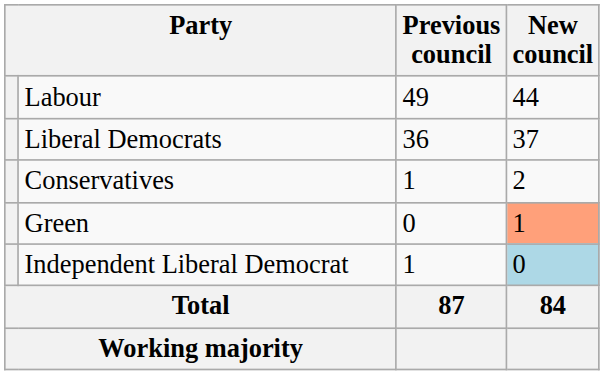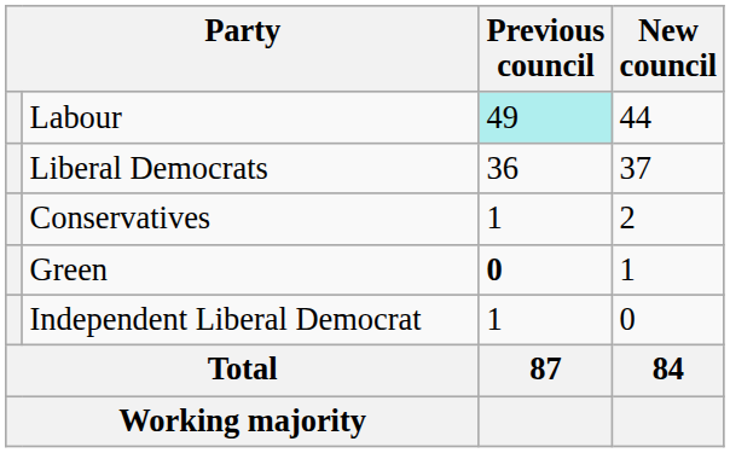 <table class="wikitable">
 <tr>
 <th valign=top colspan="2" style="width: 230px">Party</th>
 <th valign=top style="width: 30px">Previous council</th>
 <th valign=top style="width: 30px">New council</th>
 </tr>
 <tr>
 <th style="background-color: "></th>
 <td>Labour</td>
-<td>49</td>
+<td style="background: paleturquoise;">49</td>
 <td>44</td>
 </tr>
 <tr>
 <th style="background-color: "></th>
 <td>Liberal Democrats</td>
 <td>36</td>
 <td>37</td>
 </tr>
 <tr>
 <th style="background-color: "></th>
 <td>Conservatives</td>
 <td>1</td>
 <td>2</td>
 </tr>
 <tr>
 <th style="background-color: "></th>
 <td>Green</td>
-<td>0</td>
-<td style="background: lightsalmon;">1</td>
+<td><strong>0</strong></td>
+<td>1</td>
 </tr>
 <tr>
 <th style="background-color: "></th>
 <td>Independent Liberal Democrat</td>
 <td>1</td>
-<td style="background: lightblue;">0</td>
+<td>0</td>
 </tr>
 <tr>
 <th colspan=2>Total</th>
 <th style="text-align: center">87</th>
 <th colspan=3>84</th>
 </tr>
 <tr>
 <th colspan=2>Working majority</th>
 <th></th>
 <th></th>
 </tr>
 </table>
